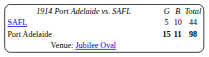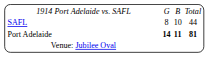 <table style="margin-right:4px; margin-top:8px; float:right; border:1px #000 solid; border-radius:8px; background:#fff; font-family:Verdana; font-size:8pt; text-align:center;">
 <tr>
 <td width=200><em>1914 Port Adelaide vs. SAFL</em></td>
 <td><em>G</em></td>
 <td><em>B</em></td>
 <td><em>Total</em></td>
 </tr>
 <tr>
 <td style="text-align:left"><a href='#'>SAFL</a></td>
-<td>5</td>
+<td>8</td>
 <td>10</td>
 <td>44</td>
 </tr>
 <tr>
 <td style="text-align:left">Port Adelaide</td>
-<td><strong>15</strong></td>
+<td><strong>14</strong></td>
 <td><strong>11</strong></td>
-<td><strong>98</strong></td>
+<td><strong>81</strong></td>
 </tr>
 <tr>
 <td>Venue: <a href='#'>Jubilee Oval</a></td>
 <td colspan=3></td>
 </tr>
 </table>
